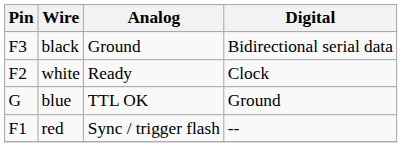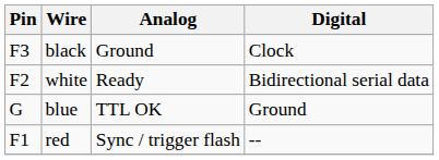 <table class="wikitable" border="1">
 <tr>
 <th>Pin</th>
 <th>Wire</th>
 <th>Analog</th>
 <th>Digital</th>
 </tr>
 <tr>
 <td>F3</td>
 <td>black</td>
 <td>Ground</td>
-<td>Bidirectional serial data</td>
+<td>Clock</td>
 </tr>
 <tr>
 <td>F2</td>
 <td>white</td>
 <td>Ready</td>
-<td>Clock</td>
+<td>Bidirectional serial data</td>
 </tr>
 <tr>
 <td>G</td>
 <td>blue</td>
 <td>TTL OK</td>
 <td>Ground</td>
 </tr>
 <tr>
 <td>F1</td>
 <td>red</td>
 <td>Sync / trigger flash</td>
 <td>--</td>
 </tr>
 <tr>
 </tr>
 </table>
